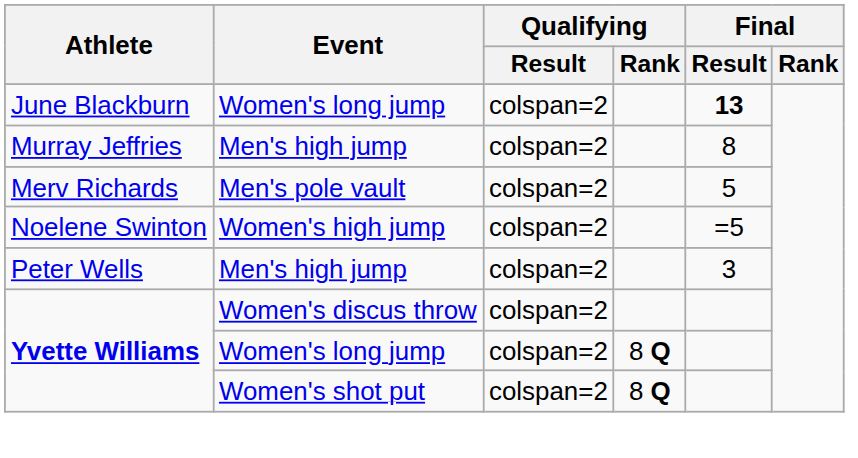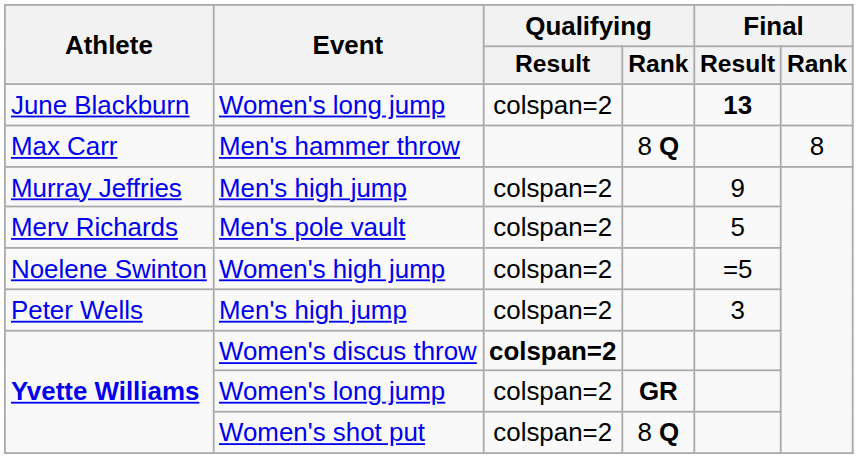 <table class=wikitable style=font-size:90%>
 <tr>
 <th rowspan=2>Athlete</th>
 <th rowspan=2>Event</th>
 <th colspan=2>Qualifying</th>
 <th colspan=2>Final</th>
 </tr>
 <tr style=font-size:95%>
 <th>Result</th>
 <th>Rank</th>
 <th>Result</th>
 <th>Rank</th>
 </tr>
 <tr align=center>
 <td align=left><a href='#'>June Blackburn</a></td>
 <td align=left><a href='#'>Women's long jump</a></td>
 <td>colspan=2 </td>
 <td></td>
 <td><strong>13</strong></td>
 </tr>
 <tr align=center>
+<td align=left><a href='#'>Max Carr</a></td>
+<td align=left><a href='#'>Men's hammer throw</a></td>
+<td></td>
+<td>8 <strong>Q</strong></td>
+<td></td>
+<td>8</td>
+</tr>
+<tr align=center>
 <td align=left><a href='#'>Murray Jeffries</a></td>
 <td align=left><a href='#'>Men's high jump</a></td>
 <td>colspan=2 </td>
 <td></td>
-<td>8</td>
+<td>9</td>
 </tr>
 <tr align=center>
 <td align=left><a href='#'>Merv Richards</a></td>
 <td align=left><a href='#'>Men's pole vault</a></td>
 <td>colspan=2 </td>
 <td></td>
 <td>5</td>
 </tr>
 <tr align=center>
 <td align=left><a href='#'>Noelene Swinton</a></td>
 <td align=left><a href='#'>Women's high jump</a></td>
 <td>colspan=2 </td>
 <td></td>
 <td>=5</td>
 </tr>
 <tr align=center>
 <td align=left><a href='#'>Peter Wells</a></td>
 <td align=left><a href='#'>Men's high jump</a></td>
 <td>colspan=2 </td>
 <td></td>
 <td>3</td>
 </tr>
 <tr align=center>
 <td align=left rowspan=3><strong><a href='#'>Yvette Williams</a></strong></td>
 <td align=left><a href='#'>Women's discus throw</a></td>
-<td>colspan=2 </td>
+<td><strong>colspan=2 </strong></td>
 <td></td>
 <td></td>
 </tr>
 <tr align=center>
 <td align=left><a href='#'>Women's long jump</a></td>
 <td>colspan=2 </td>
-<td>8 <strong>Q</strong></td>
+<td> <strong>GR</strong></td>
 <td></td>
 </tr>
 <tr align=center>
 <td align=left><a href='#'>Women's shot put</a></td>
 <td>colspan=2 </td>
 <td>8 <strong>Q</strong></td>
 <td></td>
 </tr>
 </table>
